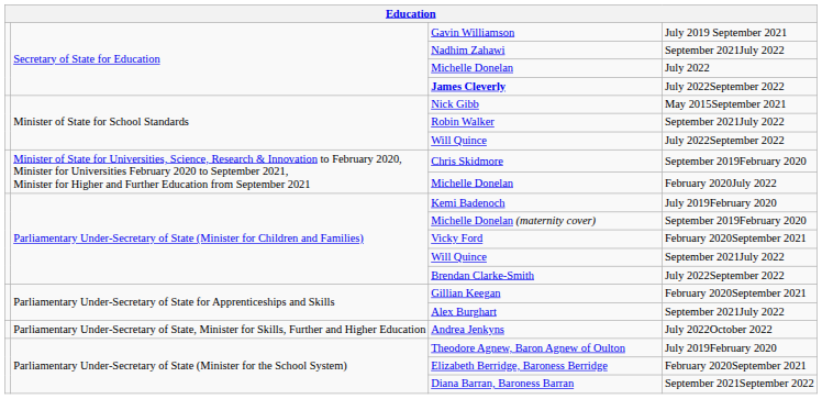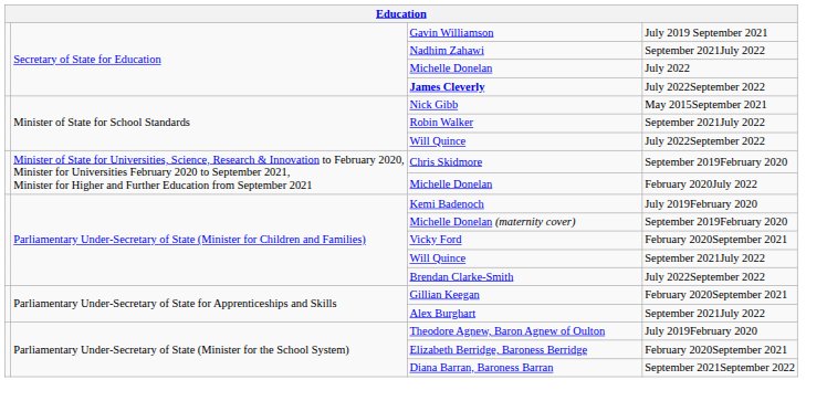 <table class="wikitable">
 <tr>
 <th colspan="4"><a href='#'>Education</a></th>
 </tr>
 <tr>
 <td rowspan=4 style="width: 1px; background: "></td>
 <td rowspan=4><a href='#'>Secretary of State for Education</a></td>
 <td style="width: 320px;"><a href='#'>Gavin Williamson</a></td>
 <td>July 2019 September 2021</td>
 </tr>
 <tr>
 <td style="width: 320px;"><a href='#'>Nadhim Zahawi</a></td>
 <td>September 2021July 2022</td>
 </tr>
 <tr>
 <td style="width: 320px;"><a href='#'>Michelle Donelan</a></td>
 <td>July 2022</td>
 </tr>
 <tr>
 <td style="width: 320px;"><strong><a href='#'>James Cleverly</a></strong></td>
 <td>July 2022September 2022</td>
 </tr>
 <tr>
 <td rowspan=3 style="width: 1px; background: "></td>
 <td rowspan=3>Minister of State for School Standards</td>
 <td style="width: 320px;"><a href='#'>Nick Gibb</a></td>
 <td>May 2015September 2021</td>
 </tr>
 <tr>
 <td style="width: 320px;"><a href='#'>Robin Walker</a></td>
 <td>September 2021July 2022</td>
 </tr>
 <tr>
 <td><a href='#'>Will Quince</a></td>
 <td>July 2022September 2022</td>
 </tr>
 <tr>
 <td rowspan=2 style="width: 1px; background: "></td>
 <td rowspan=2><a href='#'>Minister of State for Universities, Science, Research & Innovation</a> to February 2020,<br> Minister for Universities February 2020 to September 2021,<br> Minister for Higher and Further Education from September 2021</td>
 <td><a href='#'>Chris Skidmore</a><br></td>
 <td>September 2019February 2020</td>
 </tr>
 <tr>
 <td><a href='#'>Michelle Donelan</a></td>
 <td>February 2020July 2022<br></td>
 </tr>
 <tr>
 <td rowspan=5 style="width: 1px; background: "></td>
 <td rowspan=5><a href='#'>Parliamentary Under-Secretary of State (Minister for Children and Families)</a></td>
 <td><a href='#'>Kemi Badenoch</a> </td>
 <td>July 2019February 2020</td>
 </tr>
 <tr>
 <td><a href='#'>Michelle Donelan</a>  <em>(maternity cover)</em></td>
 <td>September 2019February 2020</td>
 </tr>
 <tr>
 <td><a href='#'>Vicky Ford</a></td>
 <td>February 2020September 2021</td>
 </tr>
 <tr>
 <td><a href='#'>Will Quince</a></td>
 <td>September 2021July 2022</td>
 </tr>
 <tr>
 <td><a href='#'>Brendan Clarke-Smith</a></td>
 <td>July 2022September 2022</td>
 </tr>
 <tr>
 <td rowspan=2 style="width: 1px; background: "></td>
 <td rowspan=2>Parliamentary Under-Secretary of State for Apprenticeships and Skills</td>
 <td><a href='#'>Gillian Keegan</a></td>
 <td>February 2020September 2021</td>
 </tr>
 <tr>
 <td><a href='#'>Alex Burghart</a></td>
 <td>September 2021July 2022</td>
 </tr>
 <tr>
-<td style="width: 1px; background: "></td>
-<td>Parliamentary Under-Secretary of State, Minister for Skills, Further and Higher Education</td>
-<td><a href='#'>Andrea Jenkyns</a></td>
-<td>July 2022October 2022</td>
-</tr>
-<tr>
 <td rowspan=3 style="width: 1px; background: "></td>
 <td rowspan=3>Parliamentary Under-Secretary of State (Minister for the School System)</td>
 <td><a href='#'>Theodore Agnew, Baron Agnew of Oulton</a> </td>
 <td>July 2019February 2020</td>
 </tr>
 <tr>
 <td><a href='#'>Elizabeth Berridge, Baroness Berridge</a> </td>
 <td>February 2020September 2021</td>
 </tr>
 <tr>
 <td><a href='#'>Diana Barran, Baroness Barran</a> </td>
 <td>September 2021September 2022</td>
 </tr>
 </table>
